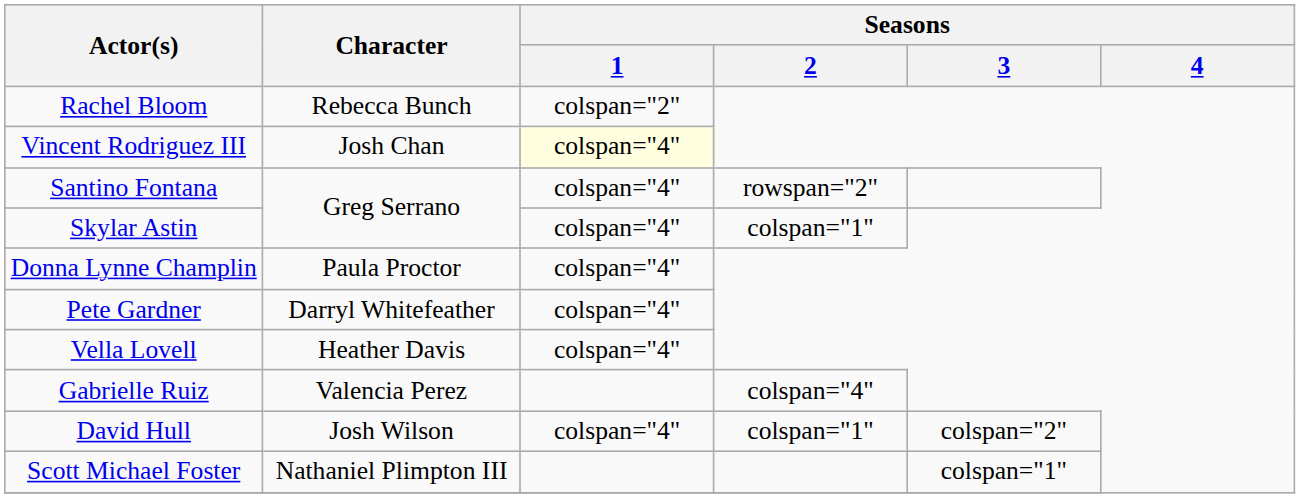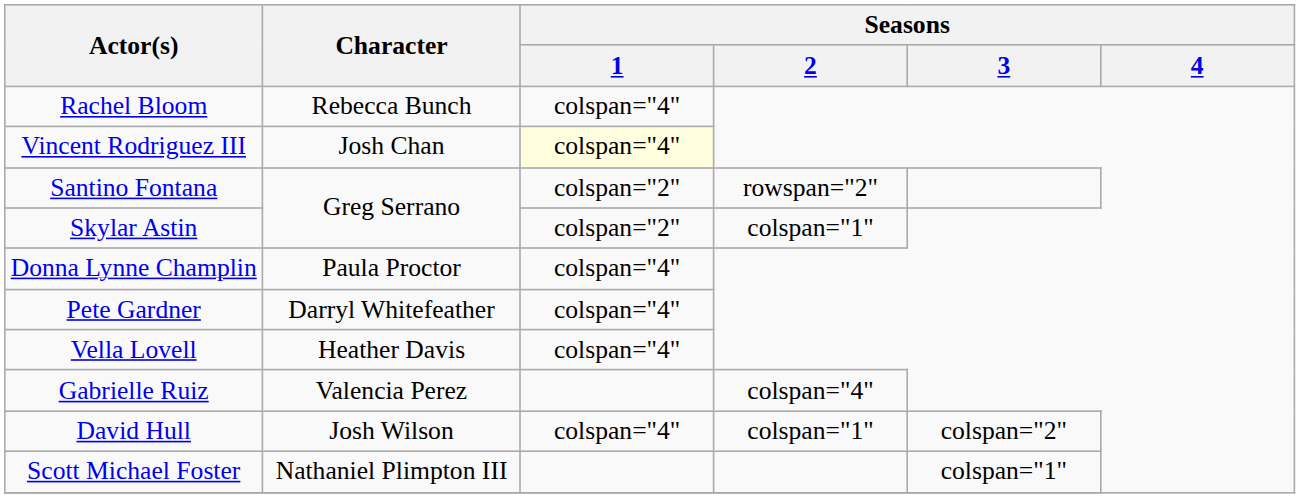 <table class="wikitable plainrowheaders" style="text-align:center; width=100%;">
 <tr>
 <th scope="col" rowspan="2" style="width:20%;">Actor(s)</th>
 <th scope="col" rowspan="2" style="width:20%;">Character</th>
 <th scope="col" colspan="4" style="width:60%;">Seasons</th>
 </tr>
 <tr>
 <th scope="col" style="width:15%;"><a href='#'>1</a></th>
 <th scope="col" style="width:15%;"><a href='#'>2</a></th>
 <th scope="col" style="width:15%;"><a href='#'>3</a></th>
 <th scope="col" style="width:15%;"><a href='#'>4</a></th>
 </tr>
 <tr>
 <td scope="row"><a href='#'>Rachel Bloom</a></td>
 <td>Rebecca Bunch</td>
-<td>colspan="2" </td>
+<td>colspan="4" </td>
 </tr>
 <tr>
 <td scope="row"><a href='#'>Vincent Rodriguez III</a></td>
 <td>Josh Chan</td>
 <td style="background: lightyellow;">colspan="4" </td>
 </tr>
 <tr>
 <td scope="row"><a href='#'>Santino Fontana</a></td>
 <td rowspan="2">Greg Serrano</td>
-<td>colspan="4" </td>
+<td>colspan="2" </td>
 <td>rowspan="2" </td>
 <td></td>
 </tr>
 <tr>
 <td><a href='#'>Skylar Astin</a></td>
-<td>colspan="4" </td>
+<td>colspan="2" </td>
 <td>colspan="1" </td>
 </tr>
 <tr>
 <td scope="row"><a href='#'>Donna Lynne Champlin</a></td>
 <td>Paula Proctor</td>
 <td>colspan="4" </td>
 </tr>
 <tr>
 <td scope="row"><a href='#'>Pete Gardner</a></td>
 <td>Darryl Whitefeather</td>
 <td>colspan="4" </td>
 </tr>
 <tr>
 <td scope="row"><a href='#'>Vella Lovell</a></td>
 <td>Heather Davis</td>
 <td>colspan="4" </td>
 </tr>
 <tr>
 <td scope="row"><a href='#'>Gabrielle Ruiz</a></td>
 <td>Valencia Perez</td>
 <td></td>
 <td>colspan="4" </td>
 </tr>
 <tr>
 <td scope="row"><a href='#'>David Hull</a></td>
 <td>Josh Wilson</td>
 <td>colspan="4" </td>
 <td>colspan="1" </td>
 <td>colspan="2" </td>
 </tr>
 <tr>
 <td scope="row"><a href='#'>Scott Michael Foster</a></td>
 <td>Nathaniel Plimpton III</td>
 <td></td>
 <td></td>
 <td>colspan="1" </td>
 </tr>
 <tr>
 </tr>
 </table>
